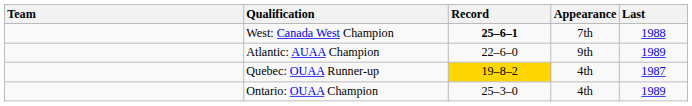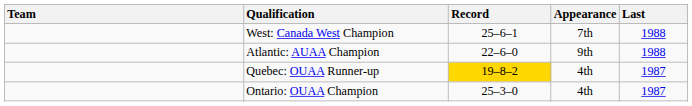 <table class="wikitable sortable" style="text-align: center;" width=900>
 <tr style="background:#efefef; text-align:center">
 <th style="text-align:left" width=35%>Team</th>
 <th style="text-align:left" width=30%>Qualification</th>
 <th style="text-align:left" width=15%>Record</th>
 <th style="text-align:left" width=10%>Appearance</th>
 <th style="text-align:left" width=10%>Last</th>
 </tr>
 <tr style="text-align:center">
 <td style="text-align:left; "><a href='#'></a></td>
 <td style="text-align:left">West: <a href='#'>Canada West</a> Champion</td>
-<td style="text-align:center"><strong>25–6–1</strong></td>
+<td style="text-align:center">25–6–1</td>
 <td style="text-align:center">7th</td>
 <td style="text-align:center"><a href='#'>1988</a></td>
 </tr>
 <tr style="text-align:center">
 <td style="text-align:left; "><a href='#'></a></td>
 <td style="text-align:left">Atlantic: <a href='#'>AUAA</a> Champion</td>
 <td style="text-align:center">22–6–0</td>
 <td style="text-align:center">9th</td>
-<td style="text-align:center"><a href='#'>1989</a></td>
+<td style="text-align:center"><a href='#'>1988</a></td>
 </tr>
 <tr style="text-align:center">
 <td style="text-align:left; "><a href='#'></a></td>
 <td style="text-align:left">Quebec: <a href='#'>OUAA</a> Runner-up</td>
 <td style="background: gold; text-align:center">19–8–2</td>
 <td style="text-align:center">4th</td>
 <td style="text-align:center"><a href='#'>1987</a></td>
 </tr>
 <tr style="text-align:center">
 <td style="text-align:left; "><a href='#'></a></td>
 <td style="text-align:left">Ontario: <a href='#'>OUAA</a> Champion</td>
 <td style="text-align:center">25–3–0</td>
 <td style="text-align:center">4th</td>
-<td style="text-align:center"><a href='#'>1989</a></td>
+<td style="text-align:center"><a href='#'>1987</a></td>
 </tr>
 </table>
